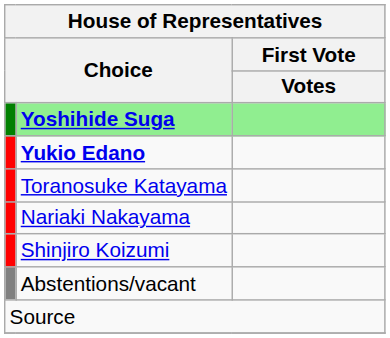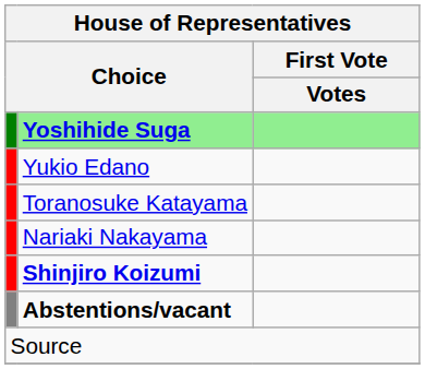 <table class="wikitable" style="font-size:90%;">
 <tr>
 <th colspan="4">House of Representatives</th>
 </tr>
 <tr>
 <th align="left" rowspan="2" colspan="2" width="100">Choice</th>
 <th colspan="2">First Vote</th>
 </tr>
 <tr>
 <th width="100">Votes</th>
 </tr>
 <tr style="background:lightgreen;">
 <td width="1" bgcolor="green"></td>
 <td align="left"><strong><a href='#'>Yoshihide Suga</a></strong></td>
 <td></td>
 </tr>
 <tr>
 <td bgcolor="red"></td>
-<td align="left"><strong><a href='#'>Yukio Edano</a></strong></td>
+<td align="left"><a href='#'>Yukio Edano</a></td>
 <td></td>
 </tr>
 <tr>
 <td bgcolor="red"></td>
 <td align="left"><a href='#'>Toranosuke Katayama</a></td>
 <td></td>
 </tr>
 <tr>
 <td bgcolor="red"></td>
 <td align="left"><a href='#'>Nariaki Nakayama</a></td>
 <td></td>
 </tr>
 <tr>
 <td bgcolor="red"></td>
-<td align="left"><a href='#'>Shinjiro Koizumi</a></td>
+<td align="left"><strong><a href='#'>Shinjiro Koizumi</a></strong></td>
 <td></td>
 </tr>
 <tr>
 <td bgcolor="gray"></td>
-<td align="left">Abstentions/vacant</td>
+<td align="left"><strong>Abstentions/vacant</strong></td>
 <td></td>
 </tr>
 <tr>
 <td colspan=3>Source</td>
 </tr>
 <tr>
 </tr>
 </table>
